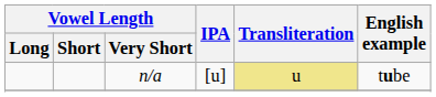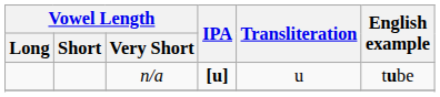 <table class="wikitable">
 <tr align=center>
 <th ! colspan=3><a href='#'>Vowel Length</a></th>
 <th ! rowspan=2><a href='#'>IPA</a></th>
 <th ! rowspan=2><a href='#'>Transliteration</a></th>
 <th ! rowspan=2>English<br>example</th>
 </tr>
 <tr>
 <th>Long</th>
 <th>Short</th>
 <th>Very Short</th>
 </tr>
 <tr align=center>
 <td style="font-size:24px"></td>
 <td style="font-size:26px; padding-bottom:12px"></td>
 <td><em>n/a</em></td>
-<td>[u]</td>
-<td style="background: khaki;">u</td>
+<td><strong>[u]</strong></td>
+<td>u</td>
 <td>t<strong>u</strong>be</td>
 </tr>
 <tr align=center>
 </tr>
 <tr>
 </tr>
 </table>
